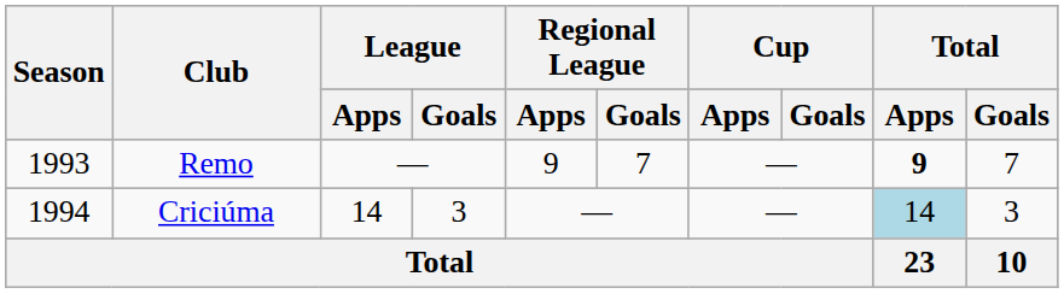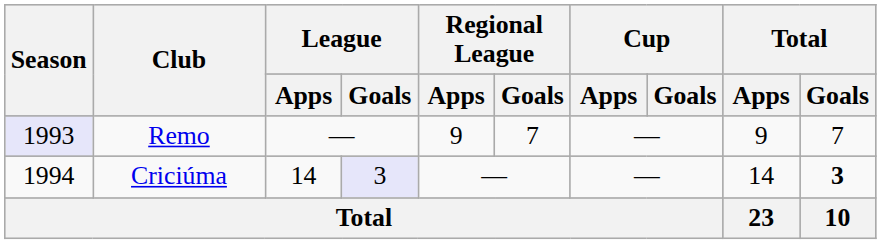 <table class="wikitable" style="text-align: center;">
 <tr>
 <th rowspan="2">Season</th>
 <th rowspan="2" width="100">Club</th>
 <th colspan="2">League</th>
 <th colspan="2">Regional<br>League</th>
 <th colspan="2">Cup</th>
 <th colspan="2">Total</th>
 </tr>
 <tr>
 <th width="40">Apps</th>
 <th width="40">Goals</th>
 <th width="40">Apps</th>
 <th width="40">Goals</th>
 <th width="40">Apps</th>
 <th width="40">Goals</th>
 <th width="40">Apps</th>
 <th width="40">Goals</th>
 </tr>
 <tr>
-<td>1993</td>
+<td style="background: lavender;">1993</td>
 <td><a href='#'>Remo</a></td>
 <td colspan="2">—</td>
 <td>9</td>
 <td>7</td>
 <td colspan="2">—</td>
-<td><strong>9</strong></td>
+<td>9</td>
 <td>7</td>
 </tr>
 <tr>
 <td>1994</td>
 <td><a href='#'>Criciúma</a></td>
 <td>14</td>
-<td>3</td>
+<td style="background: lavender;">3</td>
 <td colspan="2">—</td>
 <td colspan="2">—</td>
-<td style="background: lightblue;">14</td>
-<td>3</td>
+<td>14</td>
+<td><strong>3</strong></td>
 </tr>
 <tr>
 <th colspan="8">Total</th>
 <th>23</th>
 <th>10</th>
 </tr>
 </table>
